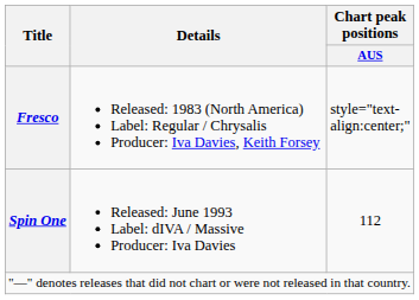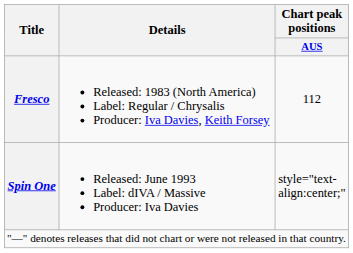 <table class="wikitable plainrowheaders">
 <tr>
 <th scope="col" rowspan="2">Title</th>
 <th scope="col" rowspan="2">Details</th>
 <th scope="col" colspan="1">Chart peak positions</th>
 </tr>
 <tr>
 <th style="width:3em;font-size:85%"><a href='#'>AUS</a><br></th>
 </tr>
 <tr>
 <th scope="row"><em><a href='#'>Fresco</a></em></th>
 <td><br><ul><li>Released: 1983 (North America)</li><li>Label: Regular / Chrysalis</li><li>Producer: <a href='#'>Iva Davies</a>, <a href='#'>Keith Forsey</a></li></ul></td>
-<td>style="text-align:center;" </td>
+<td style="text-align:center;">112</td>
 </tr>
 <tr>
 <th scope="row"><em><a href='#'>Spin One</a></em></th>
 <td><br><ul><li>Released: June 1993</li><li>Label: dIVA / Massive</li><li>Producer: Iva Davies</li></ul></td>
-<td style="text-align:center;">112</td>
+<td>style="text-align:center;" </td>
 </tr>
 <tr>
 <td align="center" colspan="5" style="font-size: 90%">"—" denotes releases that did not chart or were not released in that country.</td>
 </tr>
 </table>
